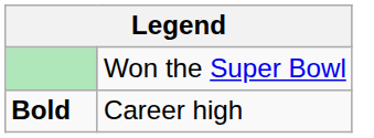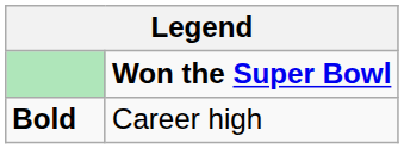 <table class="wikitable">
 <tr>
 <th colspan="2">Legend</th>
 </tr>
 <tr>
 <th style="background:#afe6ba; width:3em;"></th>
-<td>Won the <a href='#'>Super Bowl</a></td>
+<td><strong>Won the <a href='#'>Super Bowl</a></strong></td>
 </tr>
 <tr>
 <td><strong>Bold</strong></td>
 <td>Career high</td>
 </tr>
 </table>
